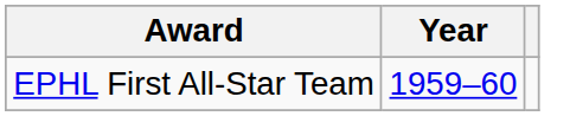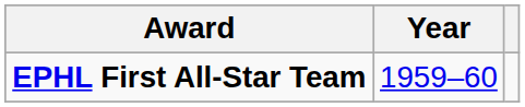 <table class="wikitable">
 <tr>
 <th>Award</th>
 <th>Year</th>
 <th></th>
 </tr>
 <tr>
-<td><a href='#'>EPHL</a> First All-Star Team</td>
+<td><strong><a href='#'>EPHL</a> First All-Star Team</strong></td>
 <td><a href='#'>1959–60</a></td>
 <td></td>
 </tr>
 </table>
